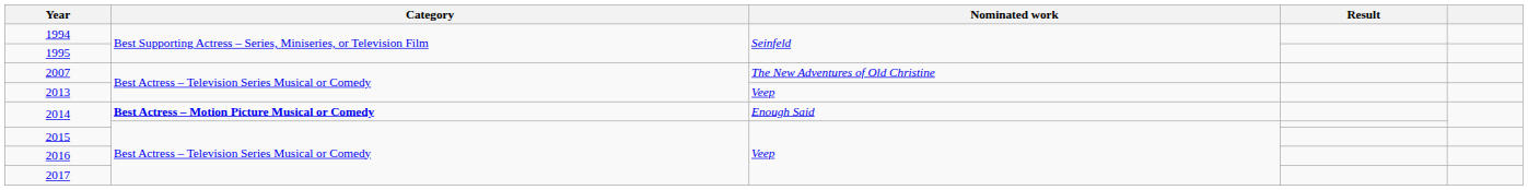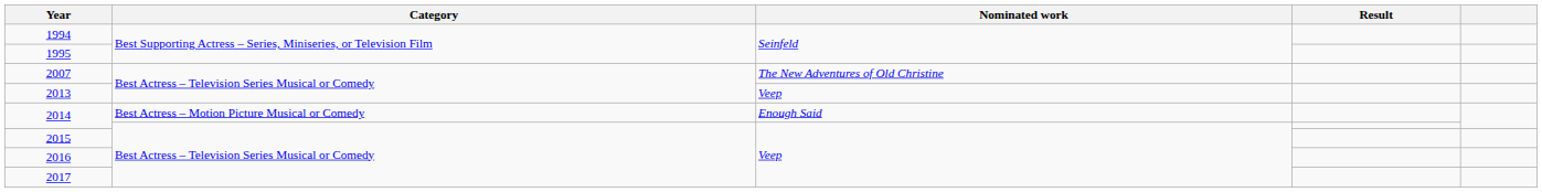 <table width="100%" class="wikitable">
 <tr>
 <th width="7%">Year</th>
 <th width="42%">Category</th>
 <th width="35%">Nominated work</th>
 <th width="11%">Result</th>
 <th width="5%"></th>
 </tr>
 <tr>
 <td align="center"><a href='#'>1994</a></td>
 <td rowspan="2"><a href='#'>Best Supporting Actress – Series, Miniseries, or Television Film</a></td>
 <td rowspan="2"><em><a href='#'>Seinfeld</a></em></td>
 <td></td>
 <td align="center"></td>
 </tr>
 <tr>
 <td align="center"><a href='#'>1995</a></td>
 <td></td>
 <td align="center"></td>
 </tr>
 <tr>
 <td align="center"><a href='#'>2007</a></td>
 <td rowspan="2"><a href='#'>Best Actress – Television Series Musical or Comedy</a></td>
 <td><em><a href='#'>The New Adventures of Old Christine</a></em></td>
 <td></td>
 <td align="center"></td>
 </tr>
 <tr>
 <td align="center"><a href='#'>2013</a></td>
 <td><em><a href='#'>Veep</a></em></td>
 <td></td>
 <td align="center"></td>
 </tr>
 <tr>
 <td rowspan="2" align="center"><a href='#'>2014</a></td>
-<td><strong><a href='#'>Best Actress – Motion Picture Musical or Comedy</a></strong></td>
+<td><a href='#'>Best Actress – Motion Picture Musical or Comedy</a></td>
 <td><em><a href='#'>Enough Said</a></em></td>
 <td></td>
 <td rowspan="2" align="center"></td>
 </tr>
 <tr>
 <td rowspan="4"><a href='#'>Best Actress – Television Series Musical or Comedy</a></td>
 <td rowspan="4"><em><a href='#'>Veep</a></em></td>
 <td></td>
 </tr>
 <tr>
 <td align="center"><a href='#'>2015</a></td>
 <td></td>
 <td align="center"></td>
 </tr>
 <tr>
 <td align="center"><a href='#'>2016</a></td>
 <td></td>
 <td align="center"></td>
 </tr>
 <tr>
 <td align="center"><a href='#'>2017</a></td>
 <td></td>
 <td align="center"></td>
 </tr>
 </table>
